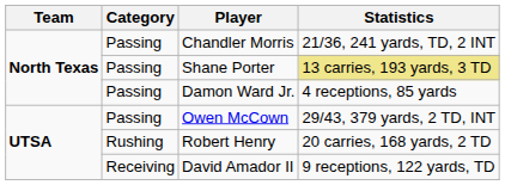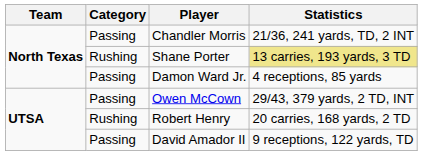 <table class="wikitable" style="float: right;">
 <tr>
 <th>Team</th>
 <th>Category</th>
 <th>Player</th>
 <th>Statistics</th>
 </tr>
 <tr>
 <td rowspan=3><strong>North Texas</strong></td>
 <td>Passing</td>
 <td>Chandler Morris</td>
 <td>21/36, 241 yards, TD, 2 INT</td>
 </tr>
 <tr>
-<td>Passing</td>
+<td>Rushing</td>
 <td>Shane Porter</td>
 <td style="background: khaki;">13 carries, 193 yards, 3 TD</td>
 </tr>
 <tr>
 <td>Passing</td>
 <td>Damon Ward Jr.</td>
 <td>4 receptions, 85 yards</td>
 </tr>
 <tr>
 <td rowspan=3><strong>UTSA</strong></td>
 <td>Passing</td>
 <td><a href='#'>Owen McCown</a></td>
 <td>29/43, 379 yards, 2 TD, INT</td>
 </tr>
 <tr>
 <td>Rushing</td>
 <td>Robert Henry</td>
 <td>20 carries, 168 yards, 2 TD</td>
 </tr>
 <tr>
-<td>Receiving</td>
+<td>Passing</td>
 <td>David Amador II</td>
 <td>9 receptions, 122 yards, TD</td>
 </tr>
 </table>
